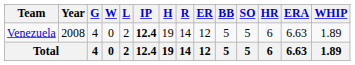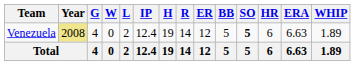 <table class="wikitable sortable" style="text-align:center">
 <tr>
 <th>Team</th>
 <th>Year</th>
 <th><a href='#'>G</a></th>
 <th><a href='#'>W</a></th>
 <th><a href='#'>L</a></th>
 <th><a href='#'>IP</a></th>
 <th><a href='#'>H</a></th>
 <th><a href='#'>R</a></th>
 <th><a href='#'>ER</a></th>
 <th><a href='#'>BB</a></th>
 <th><a href='#'>SO</a></th>
 <th><a href='#'>HR</a></th>
 <th><a href='#'>ERA</a></th>
 <th><a href='#'>WHIP</a></th>
 </tr>
 <tr>
 <td><a href='#'>Venezuela</a></td>
-<td>2008</td>
+<td style="background: khaki;">2008</td>
 <td>4</td>
 <td>0</td>
 <td>2</td>
-<td><strong>12.4</strong></td>
+<td>12.4</td>
 <td>19</td>
 <td>14</td>
 <td>12</td>
 <td>5</td>
-<td>5</td>
+<td><strong>5</strong></td>
 <td>6</td>
 <td>6.63</td>
 <td>1.89</td>
 </tr>
 <tr>
 <th colspan=2>Total</th>
 <th>4</th>
 <th>0</th>
 <th>2</th>
 <th>12.4</th>
 <th>19</th>
 <th>14</th>
 <th>12</th>
 <th>5</th>
 <th>5</th>
 <th>6</th>
 <th>6.63</th>
 <th>1.89</th>
 </tr>
 </table>
